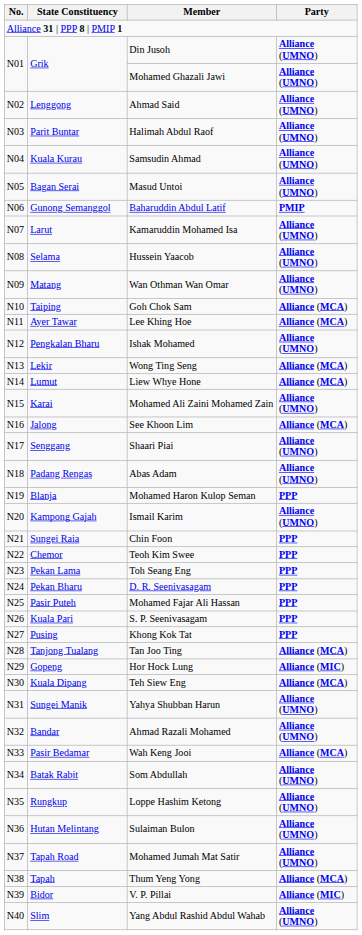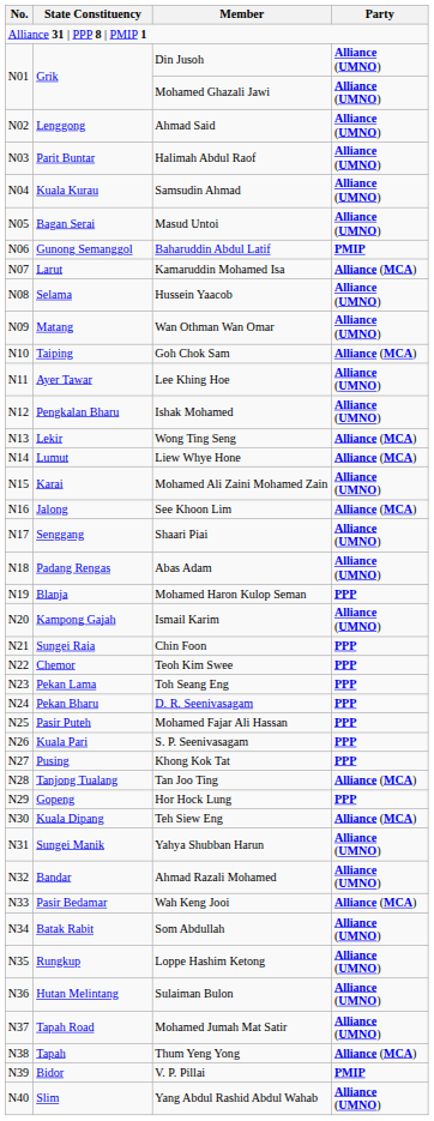 <table class="wikitable sortable">
 <tr>
 <th style="width:30px;">No.</th>
 <th style="width:150px;">State Constituency</th>
 <th style="width:230px;">Member</th>
 <th style="width:120px;">Party</th>
 </tr>
 <tr>
 <td colspan="4"><a href='#'>Alliance</a> <strong>31</strong> | <a href='#'>PPP</a> <strong>8</strong> | <a href='#'>PMIP</a> <strong>1</strong></td>
 </tr>
 <tr>
 <td rowspan=2>N01</td>
 <td rowspan=2><a href='#'>Grik</a></td>
 <td>Din Jusoh </td>
 <td><strong><a href='#'>Alliance</a></strong> (<strong><a href='#'>UMNO</a></strong>)</td>
 </tr>
 <tr>
 <td>Mohamed Ghazali Jawi </td>
 <td><strong><a href='#'>Alliance</a></strong> (<strong><a href='#'>UMNO</a></strong>)</td>
 </tr>
 <tr>
 <td>N02</td>
 <td><a href='#'>Lenggong</a></td>
 <td>Ahmad Said</td>
 <td><strong><a href='#'>Alliance</a></strong> (<strong><a href='#'>UMNO</a></strong>)</td>
 </tr>
 <tr>
 <td>N03</td>
 <td><a href='#'>Parit Buntar</a></td>
 <td>Halimah Abdul Raof</td>
 <td><strong><a href='#'>Alliance</a></strong> (<strong><a href='#'>UMNO</a></strong>)</td>
 </tr>
 <tr>
 <td>N04</td>
 <td><a href='#'>Kuala Kurau</a></td>
 <td>Samsudin Ahmad</td>
 <td><strong><a href='#'>Alliance</a></strong> (<strong><a href='#'>UMNO</a></strong>)</td>
 </tr>
 <tr>
 <td>N05</td>
 <td><a href='#'>Bagan Serai</a></td>
 <td>Masud Untoi</td>
 <td><strong><a href='#'>Alliance</a></strong> (<strong><a href='#'>UMNO</a></strong>)</td>
 </tr>
 <tr>
 <td>N06</td>
 <td><a href='#'>Gunong Semanggol</a></td>
 <td><a href='#'>Baharuddin Abdul Latif</a></td>
 <td><strong><a href='#'>PMIP</a></strong></td>
 </tr>
 <tr>
 <td>N07</td>
 <td><a href='#'>Larut</a></td>
 <td>Kamaruddin Mohamed Isa</td>
-<td><strong><a href='#'>Alliance</a></strong> (<strong><a href='#'>UMNO</a></strong>)</td>
+<td><strong><a href='#'>Alliance</a></strong> (<strong><a href='#'>MCA</a></strong>)</td>
 </tr>
 <tr>
 <td>N08</td>
 <td><a href='#'>Selama</a></td>
 <td>Hussein Yaacob</td>
 <td><strong><a href='#'>Alliance</a></strong> (<strong><a href='#'>UMNO</a></strong>)</td>
 </tr>
 <tr>
 <td>N09</td>
 <td><a href='#'>Matang</a></td>
 <td>Wan Othman Wan Omar</td>
 <td><strong><a href='#'>Alliance</a></strong> (<strong><a href='#'>UMNO</a></strong>)</td>
 </tr>
 <tr>
 <td>N10</td>
 <td><a href='#'>Taiping</a></td>
 <td>Goh Chok Sam</td>
 <td><strong><a href='#'>Alliance</a></strong> (<strong><a href='#'>MCA</a></strong>)</td>
 </tr>
 <tr>
 <td>N11</td>
 <td><a href='#'>Ayer Tawar</a></td>
 <td>Lee Khing Hoe</td>
-<td><strong><a href='#'>Alliance</a></strong> (<strong><a href='#'>MCA</a></strong>)</td>
+<td><strong><a href='#'>Alliance</a></strong> (<strong><a href='#'>UMNO</a></strong>)</td>
 </tr>
 <tr>
 <td>N12</td>
 <td><a href='#'>Pengkalan Bharu</a></td>
 <td>Ishak Mohamed</td>
 <td><strong><a href='#'>Alliance</a></strong> (<strong><a href='#'>UMNO</a></strong>)</td>
 </tr>
 <tr>
 <td>N13</td>
 <td><a href='#'>Lekir</a></td>
 <td>Wong Ting Seng</td>
 <td><strong><a href='#'>Alliance</a></strong> (<strong><a href='#'>MCA</a></strong>)</td>
 </tr>
 <tr>
 <td>N14</td>
 <td><a href='#'>Lumut</a></td>
 <td>Liew Whye Hone</td>
 <td><strong><a href='#'>Alliance</a></strong> (<strong><a href='#'>MCA</a></strong>)</td>
 </tr>
 <tr>
 <td>N15</td>
 <td><a href='#'>Karai</a></td>
 <td>Mohamed Ali Zaini Mohamed Zain</td>
 <td><strong><a href='#'>Alliance</a></strong> (<strong><a href='#'>UMNO</a></strong>)</td>
 </tr>
 <tr>
 <td>N16</td>
 <td><a href='#'>Jalong</a></td>
 <td>See Khoon Lim</td>
 <td><strong><a href='#'>Alliance</a></strong> (<strong><a href='#'>MCA</a></strong>)</td>
 </tr>
 <tr>
 <td>N17</td>
 <td><a href='#'>Senggang</a></td>
 <td>Shaari Piai</td>
 <td><strong><a href='#'>Alliance</a></strong> (<strong><a href='#'>UMNO</a></strong>)</td>
 </tr>
 <tr>
 <td>N18</td>
 <td><a href='#'>Padang Rengas</a></td>
 <td>Abas Adam</td>
 <td><strong><a href='#'>Alliance</a></strong> (<strong><a href='#'>UMNO</a></strong>)</td>
 </tr>
 <tr>
 <td>N19</td>
 <td><a href='#'>Blanja</a></td>
 <td>Mohamed Haron Kulop Seman</td>
 <td><strong><a href='#'>PPP</a></strong></td>
 </tr>
 <tr>
 <td>N20</td>
 <td><a href='#'>Kampong Gajah</a></td>
 <td>Ismail Karim</td>
 <td><strong><a href='#'>Alliance</a></strong> (<strong><a href='#'>UMNO</a></strong>)</td>
 </tr>
 <tr>
 <td>N21</td>
 <td><a href='#'>Sungei Raia</a></td>
 <td>Chin Foon</td>
 <td><strong><a href='#'>PPP</a></strong></td>
 </tr>
 <tr>
 <td>N22</td>
 <td><a href='#'>Chemor</a></td>
 <td>Teoh Kim Swee</td>
 <td><strong><a href='#'>PPP</a></strong></td>
 </tr>
 <tr>
 <td>N23</td>
 <td><a href='#'>Pekan Lama</a></td>
 <td>Toh Seang Eng</td>
 <td><strong><a href='#'>PPP</a></strong></td>
 </tr>
 <tr>
 <td>N24</td>
 <td><a href='#'>Pekan Bharu</a></td>
 <td><a href='#'>D. R. Seenivasagam</a></td>
 <td><strong><a href='#'>PPP</a></strong></td>
 </tr>
 <tr>
 <td>N25</td>
 <td><a href='#'>Pasir Puteh</a></td>
 <td>Mohamed Fajar Ali Hassan</td>
 <td><strong><a href='#'>PPP</a></strong></td>
 </tr>
 <tr>
 <td>N26</td>
 <td><a href='#'>Kuala Pari</a></td>
 <td>S. P. Seenivasagam</td>
 <td><strong><a href='#'>PPP</a></strong></td>
 </tr>
 <tr>
 <td>N27</td>
 <td><a href='#'>Pusing</a></td>
 <td>Khong Kok Tat</td>
 <td><strong><a href='#'>PPP</a></strong></td>
 </tr>
 <tr>
 <td>N28</td>
 <td><a href='#'>Tanjong Tualang</a></td>
 <td>Tan Joo Ting</td>
 <td><strong><a href='#'>Alliance</a></strong> (<strong><a href='#'>MCA</a></strong>)</td>
 </tr>
 <tr>
 <td>N29</td>
 <td><a href='#'>Gopeng</a></td>
 <td>Hor Hock Lung</td>
-<td><strong><a href='#'>Alliance</a></strong> (<strong><a href='#'>MIC</a></strong>)</td>
+<td><strong><a href='#'>PPP</a></strong></td>
 </tr>
 <tr>
 <td>N30</td>
 <td><a href='#'>Kuala Dipang</a></td>
 <td>Teh Siew Eng</td>
 <td><strong><a href='#'>Alliance</a></strong> (<strong><a href='#'>MCA</a></strong>)</td>
 </tr>
 <tr>
 <td>N31</td>
 <td><a href='#'>Sungei Manik</a></td>
 <td>Yahya Shubban Harun</td>
 <td><strong><a href='#'>Alliance</a></strong> (<strong><a href='#'>UMNO</a></strong>)</td>
 </tr>
 <tr>
 <td>N32</td>
 <td><a href='#'>Bandar</a></td>
 <td>Ahmad Razali Mohamed</td>
 <td><strong><a href='#'>Alliance</a></strong> (<strong><a href='#'>UMNO</a></strong>)</td>
 </tr>
 <tr>
 <td>N33</td>
 <td><a href='#'>Pasir Bedamar</a></td>
 <td>Wah Keng Jooi</td>
 <td><strong><a href='#'>Alliance</a></strong> (<strong><a href='#'>MCA</a></strong>)</td>
 </tr>
 <tr>
 <td>N34</td>
 <td><a href='#'>Batak Rabit</a></td>
 <td>Som Abdullah</td>
 <td><strong><a href='#'>Alliance</a></strong> (<strong><a href='#'>UMNO</a></strong>)</td>
 </tr>
 <tr>
 <td>N35</td>
 <td><a href='#'>Rungkup</a></td>
 <td>Loppe Hashim Ketong</td>
 <td><strong><a href='#'>Alliance</a></strong> (<strong><a href='#'>UMNO</a></strong>)</td>
 </tr>
 <tr>
 <td>N36</td>
 <td><a href='#'>Hutan Melintang</a></td>
 <td>Sulaiman Bulon</td>
 <td><strong><a href='#'>Alliance</a></strong> (<strong><a href='#'>UMNO</a></strong>)</td>
 </tr>
 <tr>
 <td>N37</td>
 <td><a href='#'>Tapah Road</a></td>
 <td>Mohamed Jumah Mat Satir</td>
 <td><strong><a href='#'>Alliance</a></strong> (<strong><a href='#'>UMNO</a></strong>)</td>
 </tr>
 <tr>
 <td>N38</td>
 <td><a href='#'>Tapah</a></td>
 <td>Thum Yeng Yong</td>
 <td><strong><a href='#'>Alliance</a></strong> (<strong><a href='#'>MCA</a></strong>)</td>
 </tr>
 <tr>
 <td>N39</td>
 <td><a href='#'>Bidor</a></td>
 <td>V. P. Pillai</td>
-<td><strong><a href='#'>Alliance</a></strong> (<strong><a href='#'>MIC</a></strong>)</td>
+<td><strong><a href='#'>PMIP</a></strong></td>
 </tr>
 <tr>
 <td>N40</td>
 <td><a href='#'>Slim</a></td>
 <td>Yang Abdul Rashid Abdul Wahab</td>
 <td><strong><a href='#'>Alliance</a></strong> (<strong><a href='#'>UMNO</a></strong>)</td>
 </tr>
 </table>
